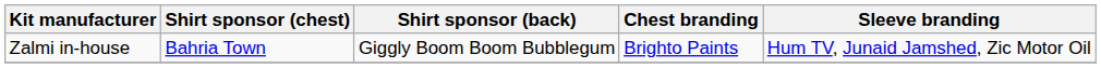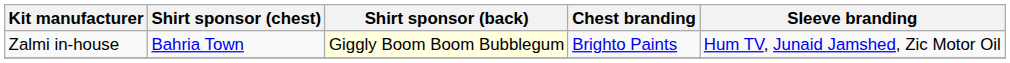 <table class="wikitable"  style="font-size:85%;">
 <tr>
 <th>Kit manufacturer</th>
 <th>Shirt sponsor (chest)</th>
 <th>Shirt sponsor (back)</th>
 <th>Chest branding</th>
 <th>Sleeve branding</th>
 </tr>
 <tr>
 <td>Zalmi in-house</td>
 <td><a href='#'>Bahria Town</a></td>
-<td>Giggly Boom Boom Bubblegum</td>
+<td style="background: lightyellow;">Giggly Boom Boom Bubblegum</td>
 <td><a href='#'>Brighto Paints</a></td>
 <td><a href='#'>Hum TV</a>, <a href='#'>Junaid Jamshed</a>, Zic Motor Oil</td>
 </tr>
 <tr>
 </tr>
 </table>
